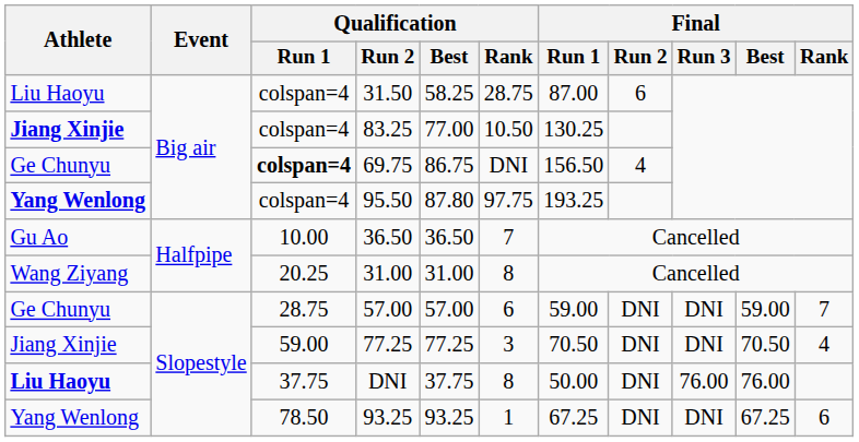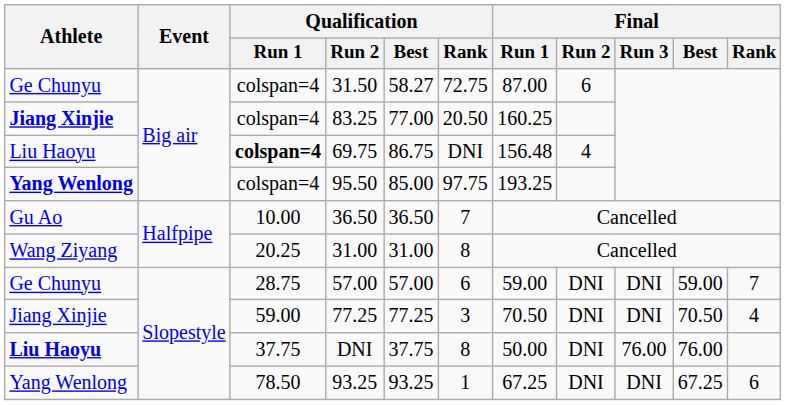 <table class=wikitable style=font-size:90%;text-align:center>
 <tr>
 <th rowspan=2>Athlete</th>
 <th rowspan=2>Event</th>
 <th colspan=4>Qualification</th>
 <th colspan=5>Final</th>
 </tr>
 <tr style=font-size:95%>
 <th>Run 1</th>
 <th>Run 2</th>
 <th>Best</th>
 <th>Rank</th>
 <th>Run 1</th>
 <th>Run 2</th>
 <th>Run 3</th>
 <th>Best</th>
 <th>Rank</th>
 </tr>
 <tr align=center>
-<td align=left><a href='#'>Liu Haoyu</a></td>
+<td align=left><a href='#'>Ge Chunyu</a></td>
 <td align=left rowspan=4><a href='#'>Big air</a></td>
 <td>colspan=4 </td>
 <td>31.50</td>
-<td>58.25</td>
-<td>28.75</td>
+<td>58.27</td>
+<td>72.75</td>
 <td>87.00</td>
 <td>6</td>
 </tr>
 <tr align=center>
 <td align=left><strong><a href='#'>Jiang Xinjie</a></strong></td>
 <td>colspan=4 </td>
 <td>83.25</td>
 <td>77.00</td>
-<td>10.50</td>
-<td>130.25</td>
+<td>20.50</td>
+<td>160.25</td>
 <td></td>
 </tr>
 <tr align=center>
-<td align=left><a href='#'>Ge Chunyu</a></td>
+<td align=left><a href='#'>Liu Haoyu</a></td>
 <td><strong>colspan=4 </strong></td>
 <td>69.75</td>
 <td>86.75</td>
 <td>DNI</td>
-<td>156.50</td>
+<td>156.48</td>
 <td>4</td>
 </tr>
 <tr align=center>
 <td align=left><strong><a href='#'>Yang Wenlong</a></strong></td>
 <td>colspan=4 </td>
 <td>95.50</td>
-<td>87.80</td>
+<td>85.00</td>
 <td>97.75</td>
 <td>193.25</td>
 <td></td>
 </tr>
 <tr align=center>
 <td align=left><a href='#'>Gu Ao</a></td>
 <td align=left rowspan=2><a href='#'>Halfpipe</a></td>
 <td>10.00</td>
 <td>36.50</td>
 <td>36.50</td>
 <td>7</td>
 <td colspan=5>Cancelled</td>
 </tr>
 <tr align=center>
 <td align=left><a href='#'>Wang Ziyang</a></td>
 <td>20.25</td>
 <td>31.00</td>
 <td>31.00</td>
 <td>8</td>
 <td colspan=5>Cancelled</td>
 </tr>
 <tr align=center>
 <td align=left><a href='#'>Ge Chunyu</a></td>
 <td align=left rowspan=4><a href='#'>Slopestyle</a></td>
 <td>28.75</td>
 <td>57.00</td>
 <td>57.00</td>
 <td>6</td>
 <td>59.00</td>
 <td>DNI</td>
 <td>DNI</td>
 <td>59.00</td>
 <td>7</td>
 </tr>
 <tr align=center>
 <td align=left><a href='#'>Jiang Xinjie</a></td>
 <td>59.00</td>
 <td>77.25</td>
 <td>77.25</td>
 <td>3</td>
 <td>70.50</td>
 <td>DNI</td>
 <td>DNI</td>
 <td>70.50</td>
 <td>4</td>
 </tr>
 <tr align=center>
 <td align=left><strong><a href='#'>Liu Haoyu</a></strong></td>
 <td>37.75</td>
 <td>DNI</td>
 <td>37.75</td>
 <td>8</td>
 <td>50.00</td>
 <td>DNI</td>
 <td>76.00</td>
 <td>76.00</td>
 <td></td>
 </tr>
 <tr align=center>
 <td align=left><a href='#'>Yang Wenlong</a></td>
 <td>78.50</td>
 <td>93.25</td>
 <td>93.25</td>
 <td>1</td>
 <td>67.25</td>
 <td>DNI</td>
 <td>DNI</td>
 <td>67.25</td>
 <td>6</td>
 </tr>
 </table>
